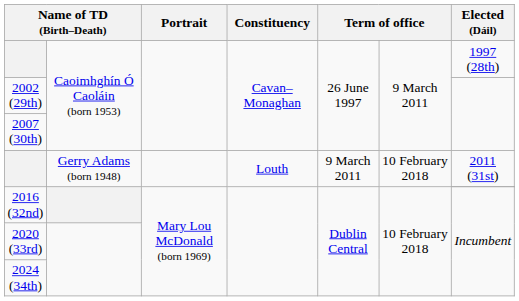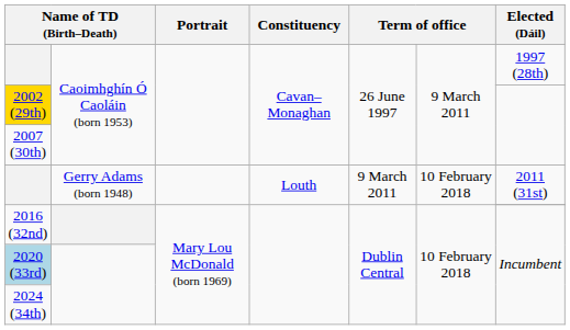 <table class="wikitable" style="text-align:center">
 <tr>
 <th colspan=2>Name of TD<br><small>(Birth–Death)</small></th>
 <th>Portrait</th>
 <th>Constituency</th>
 <th colspan=2>Term of office</th>
 <th>Elected<br><small>(Dáil)</small></th>
 </tr>
 <tr>
 <th style="background:"></th>
 <td rowspan=3><a href='#'>Caoimhghín Ó Caoláin</a><br><small>(born 1953)</small></td>
 <td rowspan=3></td>
 <td rowspan=3><a href='#'>Cavan–Monaghan</a></td>
 <td rowspan=3>26 June 1997</td>
 <td rowspan=3>9 March 2011</td>
 <td><a href='#'>1997</a><br>(<a href='#'>28th</a>)</td>
 </tr>
 <tr>
-<td><a href='#'>2002</a><br>(<a href='#'>29th</a>)</td>
+<td style="background: gold;"><a href='#'>2002</a><br>(<a href='#'>29th</a>)</td>
 </tr>
 <tr>
 <td><a href='#'>2007</a><br>(<a href='#'>30th</a>)</td>
 </tr>
 <tr>
 <th style="background:"></th>
 <td rowspan=2><a href='#'>Gerry Adams</a><br><small>(born 1948)</small></td>
 <td rowspan=2></td>
 <td rowspan=2><a href='#'>Louth</a></td>
 <td rowspan=2>9 March 2011</td>
 <td rowspan=2>10 February 2018</td>
 <td><a href='#'>2011</a><br>(<a href='#'>31st</a>)</td>
 </tr>
 <tr>
 <td rowspan=2><a href='#'>2016</a><br>(<a href='#'>32nd</a>)</td>
 </tr>
 <tr>
 <th style="background:"></th>
 <td rowspan=3><a href='#'>Mary Lou McDonald</a><br><small>(born 1969)</small></td>
 <td rowspan=3></td>
 <td rowspan=3><a href='#'>Dublin Central</a></td>
 <td rowspan=3>10 February 2018</td>
 <td rowspan=3><em>Incumbent</em></td>
 </tr>
 <tr>
-<td><a href='#'>2020</a><br>(<a href='#'>33rd</a>)</td>
+<td style="background: lightblue;"><a href='#'>2020</a><br>(<a href='#'>33rd</a>)</td>
 </tr>
 <tr>
 <td><a href='#'>2024</a><br>(<a href='#'>34th</a>)</td>
 </tr>
 </table>
